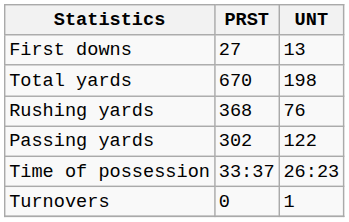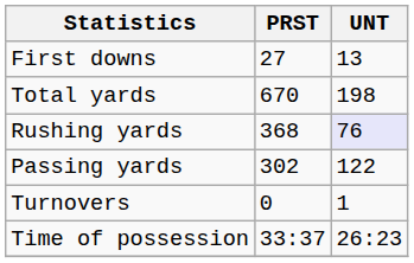 <table class="wikitable">
 <tr>
 <th>Statistics</th>
 <th>PRST</th>
 <th>UNT</th>
 </tr>
 <tr>
 <td>First downs</td>
 <td>27</td>
 <td>13</td>
 </tr>
 <tr>
 <td>Total yards</td>
 <td>670</td>
 <td>198</td>
 </tr>
 <tr>
 <td>Rushing yards</td>
 <td>368</td>
-<td>76</td>
+<td style="background: lavender;">76</td>
 </tr>
 <tr>
 <td>Passing yards</td>
 <td>302</td>
 <td>122</td>
 </tr>
 <tr>
+<td>Turnovers</td>
+<td>0</td>
+<td>1</td>
+</tr>
+<tr>
 <td>Time of possession</td>
 <td>33:37</td>
 <td>26:23</td>
 </tr>
 <tr>
-<td>Turnovers</td>
-<td>0</td>
-<td>1</td>
-</tr>
-<tr>
 </tr>
 </table>
